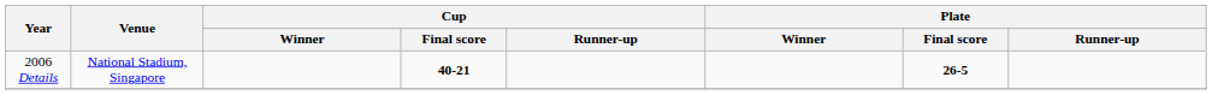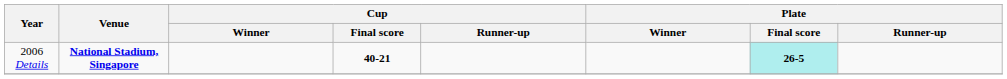 <table class="wikitable" style="font-size:90%; width: 100%; text-align: center;">
 <tr>
 <th rowspan=2 width=5%>Year</th>
 <th rowspan=2 width=10%>Venue</th>
 <th colspan=3>Cup</th>
 <th colspan=3>Plate</th>
 </tr>
 <tr>
 <th width=15%>Winner</th>
 <th width=8%>Final score</th>
 <th width=15%>Runner-up</th>
 <th width=15%>Winner</th>
 <th width=8%>Final score</th>
 <th width=15%>Runner-up</th>
 </tr>
 <tr>
 <td>2006<br> <em><a href='#'>Details</a></em></td>
-<td><a href='#'>National Stadium, Singapore</a></td>
+<td><strong><a href='#'>National Stadium, Singapore</a></strong></td>
 <td><strong></strong></td>
 <td><strong>40-21</strong></td>
 <td></td>
 <td></td>
-<td><strong>26-5</strong></td>
+<td style="background: paleturquoise;"><strong>26-5</strong></td>
 <td></td>
 </tr>
 <tr>
 </tr>
 </table>
